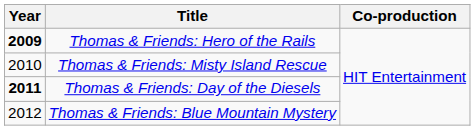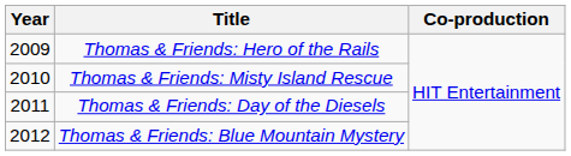 <table class="wikitable" style="text-align:center;">
 <tr>
 <th scope="col">Year</th>
 <th scope="col">Title</th>
 <th scope="col">Co-production</th>
 </tr>
 <tr>
-<td><strong>2009</strong></td>
+<td>2009</td>
 <td><em><a href='#'>Thomas & Friends: Hero of the Rails</a></em></td>
 <td rowspan=4><a href='#'>HIT Entertainment</a></td>
 </tr>
 <tr>
 <td>2010</td>
 <td><em><a href='#'>Thomas & Friends: Misty Island Rescue</a></em></td>
 </tr>
 <tr>
-<td><strong>2011</strong></td>
+<td>2011</td>
 <td><em><a href='#'>Thomas & Friends: Day of the Diesels</a></em></td>
 </tr>
 <tr>
 <td>2012</td>
 <td><em><a href='#'>Thomas & Friends: Blue Mountain Mystery</a></em></td>
 </tr>
 </table>
